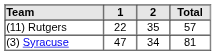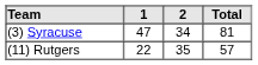 <table border=1 cellspacing=0 width=300 style="margin-left:3em;">
 <tr style="text-align:center; background-color:#e6e6e6;">
 <th align=left width=30%>Team</th>
 <th width=10%>1</th>
 <th width=10%>2</th>
 <th width=10%>Total</th>
 </tr>
 <tr style="text-align:center;">
+<td align=left>(3) <a href='#'>Syracuse</a></td>
+<td>47</td>
+<td>34</td>
+<td>81</td>
+</tr>
+<tr style="text-align:center;">
 <td align=left>(11) Rutgers</td>
 <td>22</td>
 <td>35</td>
 <td>57</td>
 </tr>
 <tr style="text-align:center;">
-<td align=left>(3) <a href='#'>Syracuse</a></td>
-<td>47</td>
-<td>34</td>
-<td>81</td>
-</tr>
-<tr style="text-align:center;">
 </tr>
 </table>
